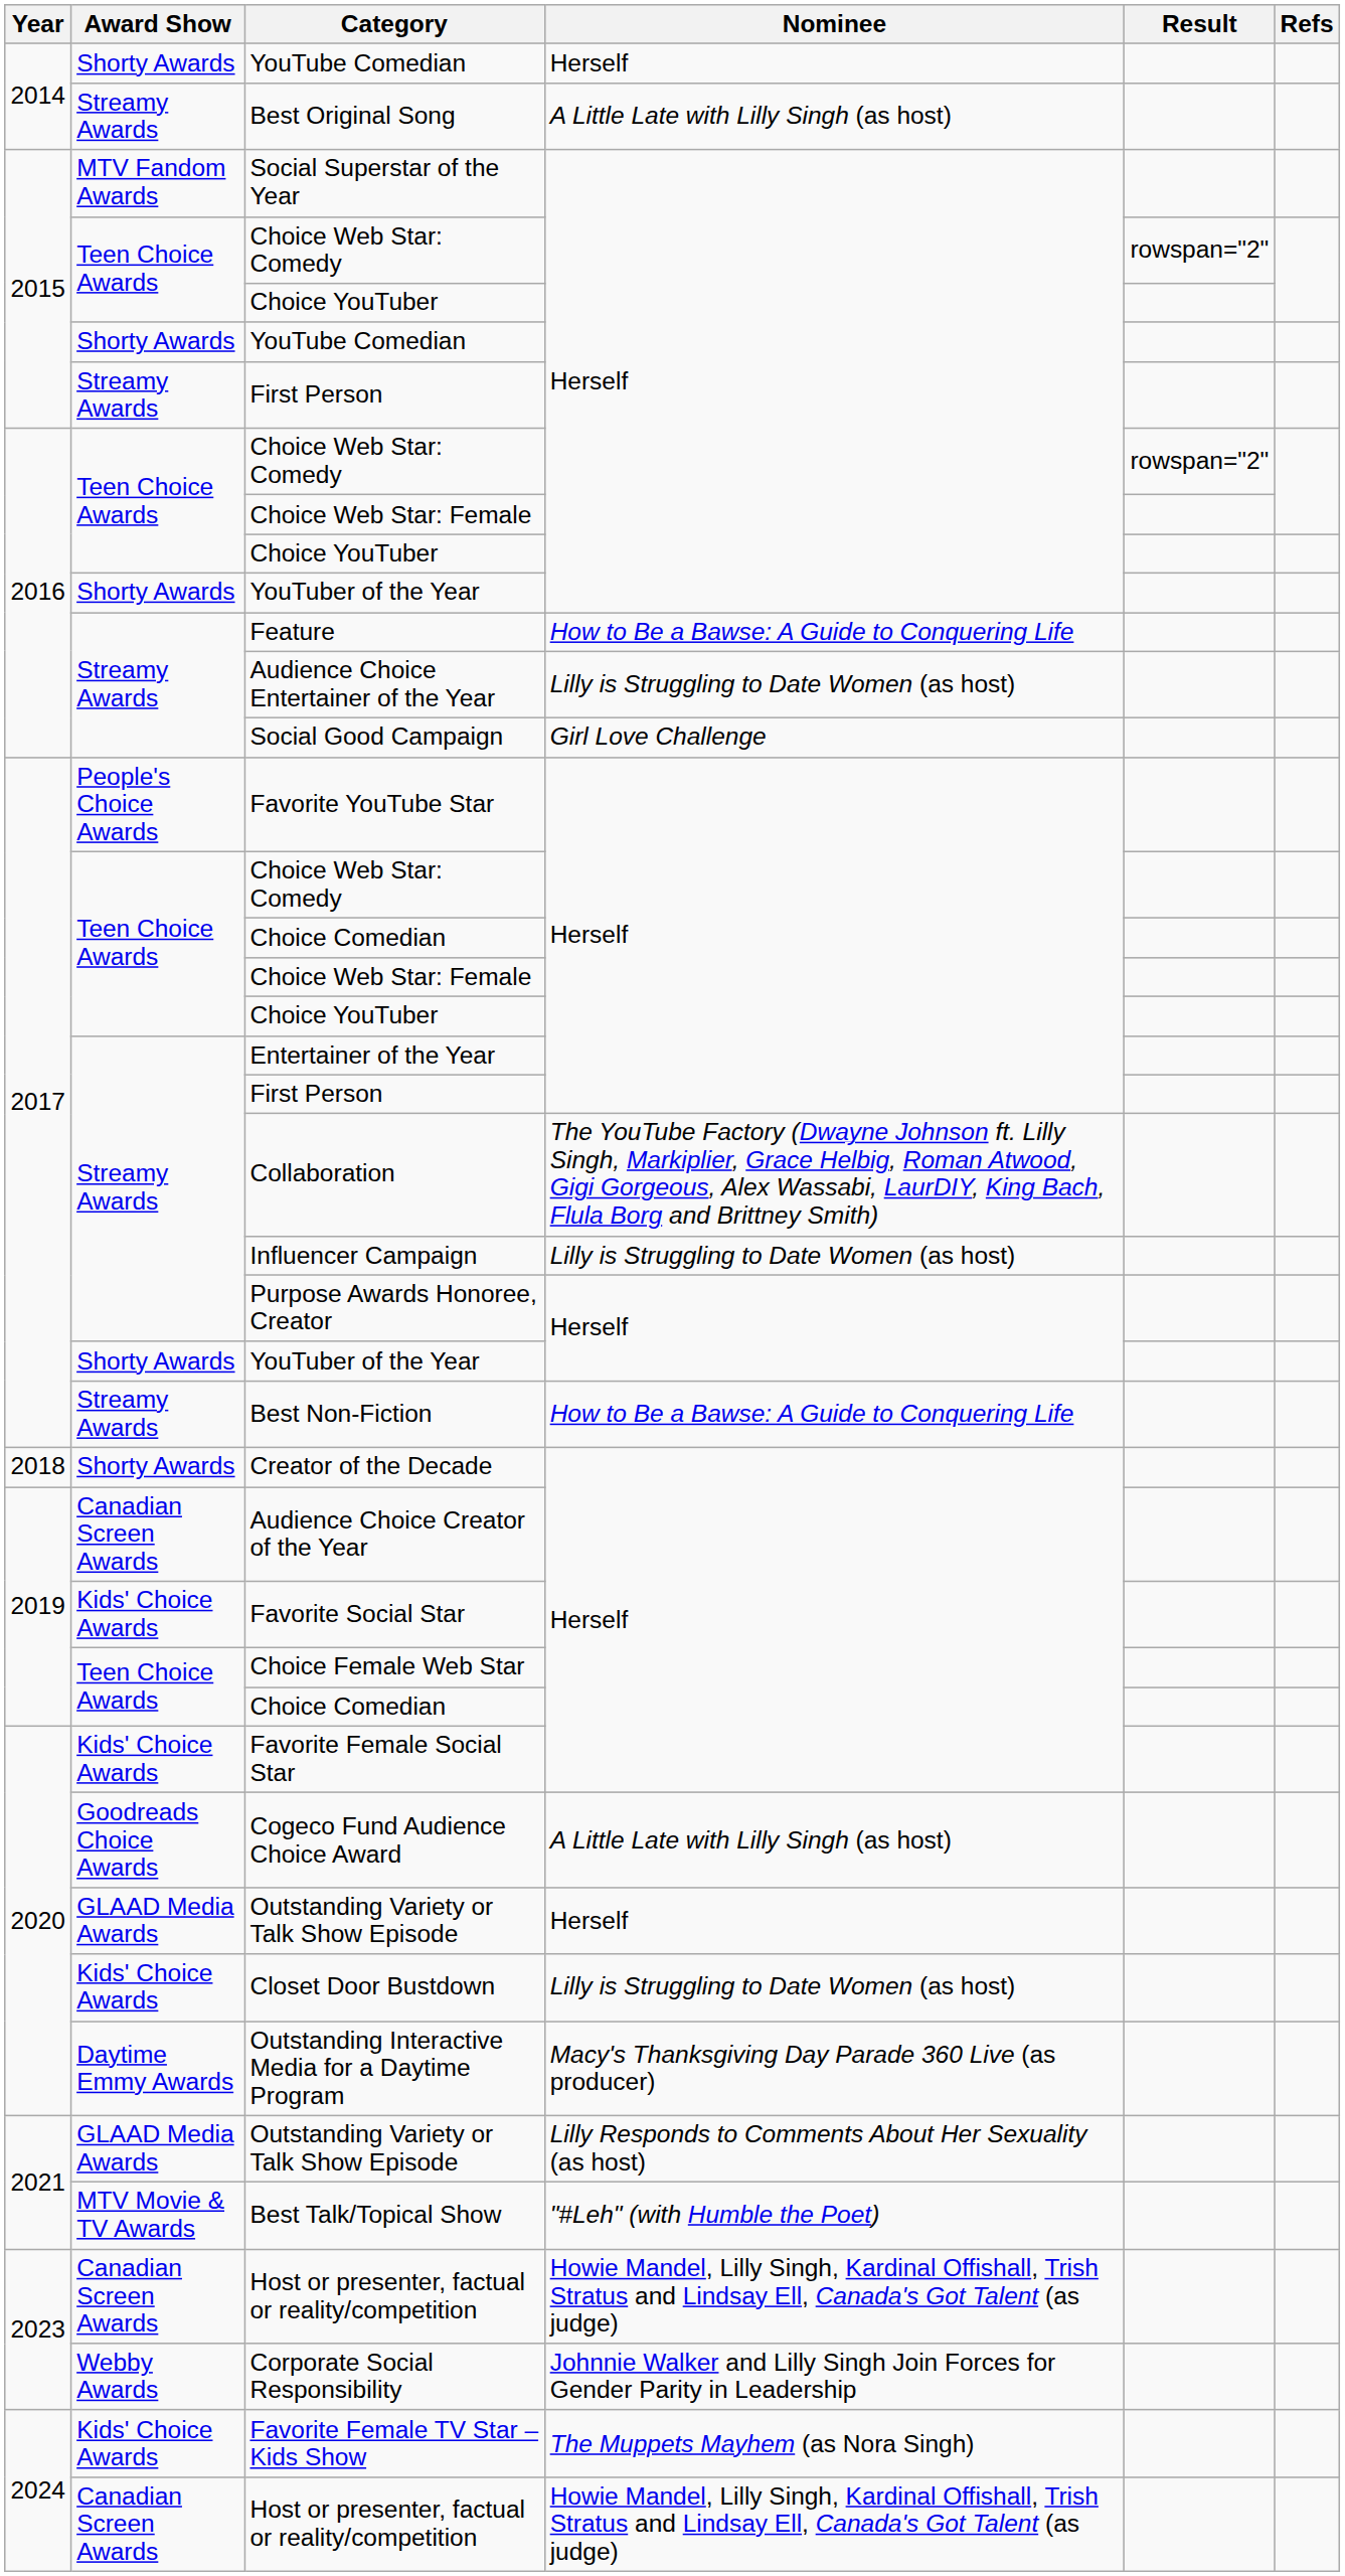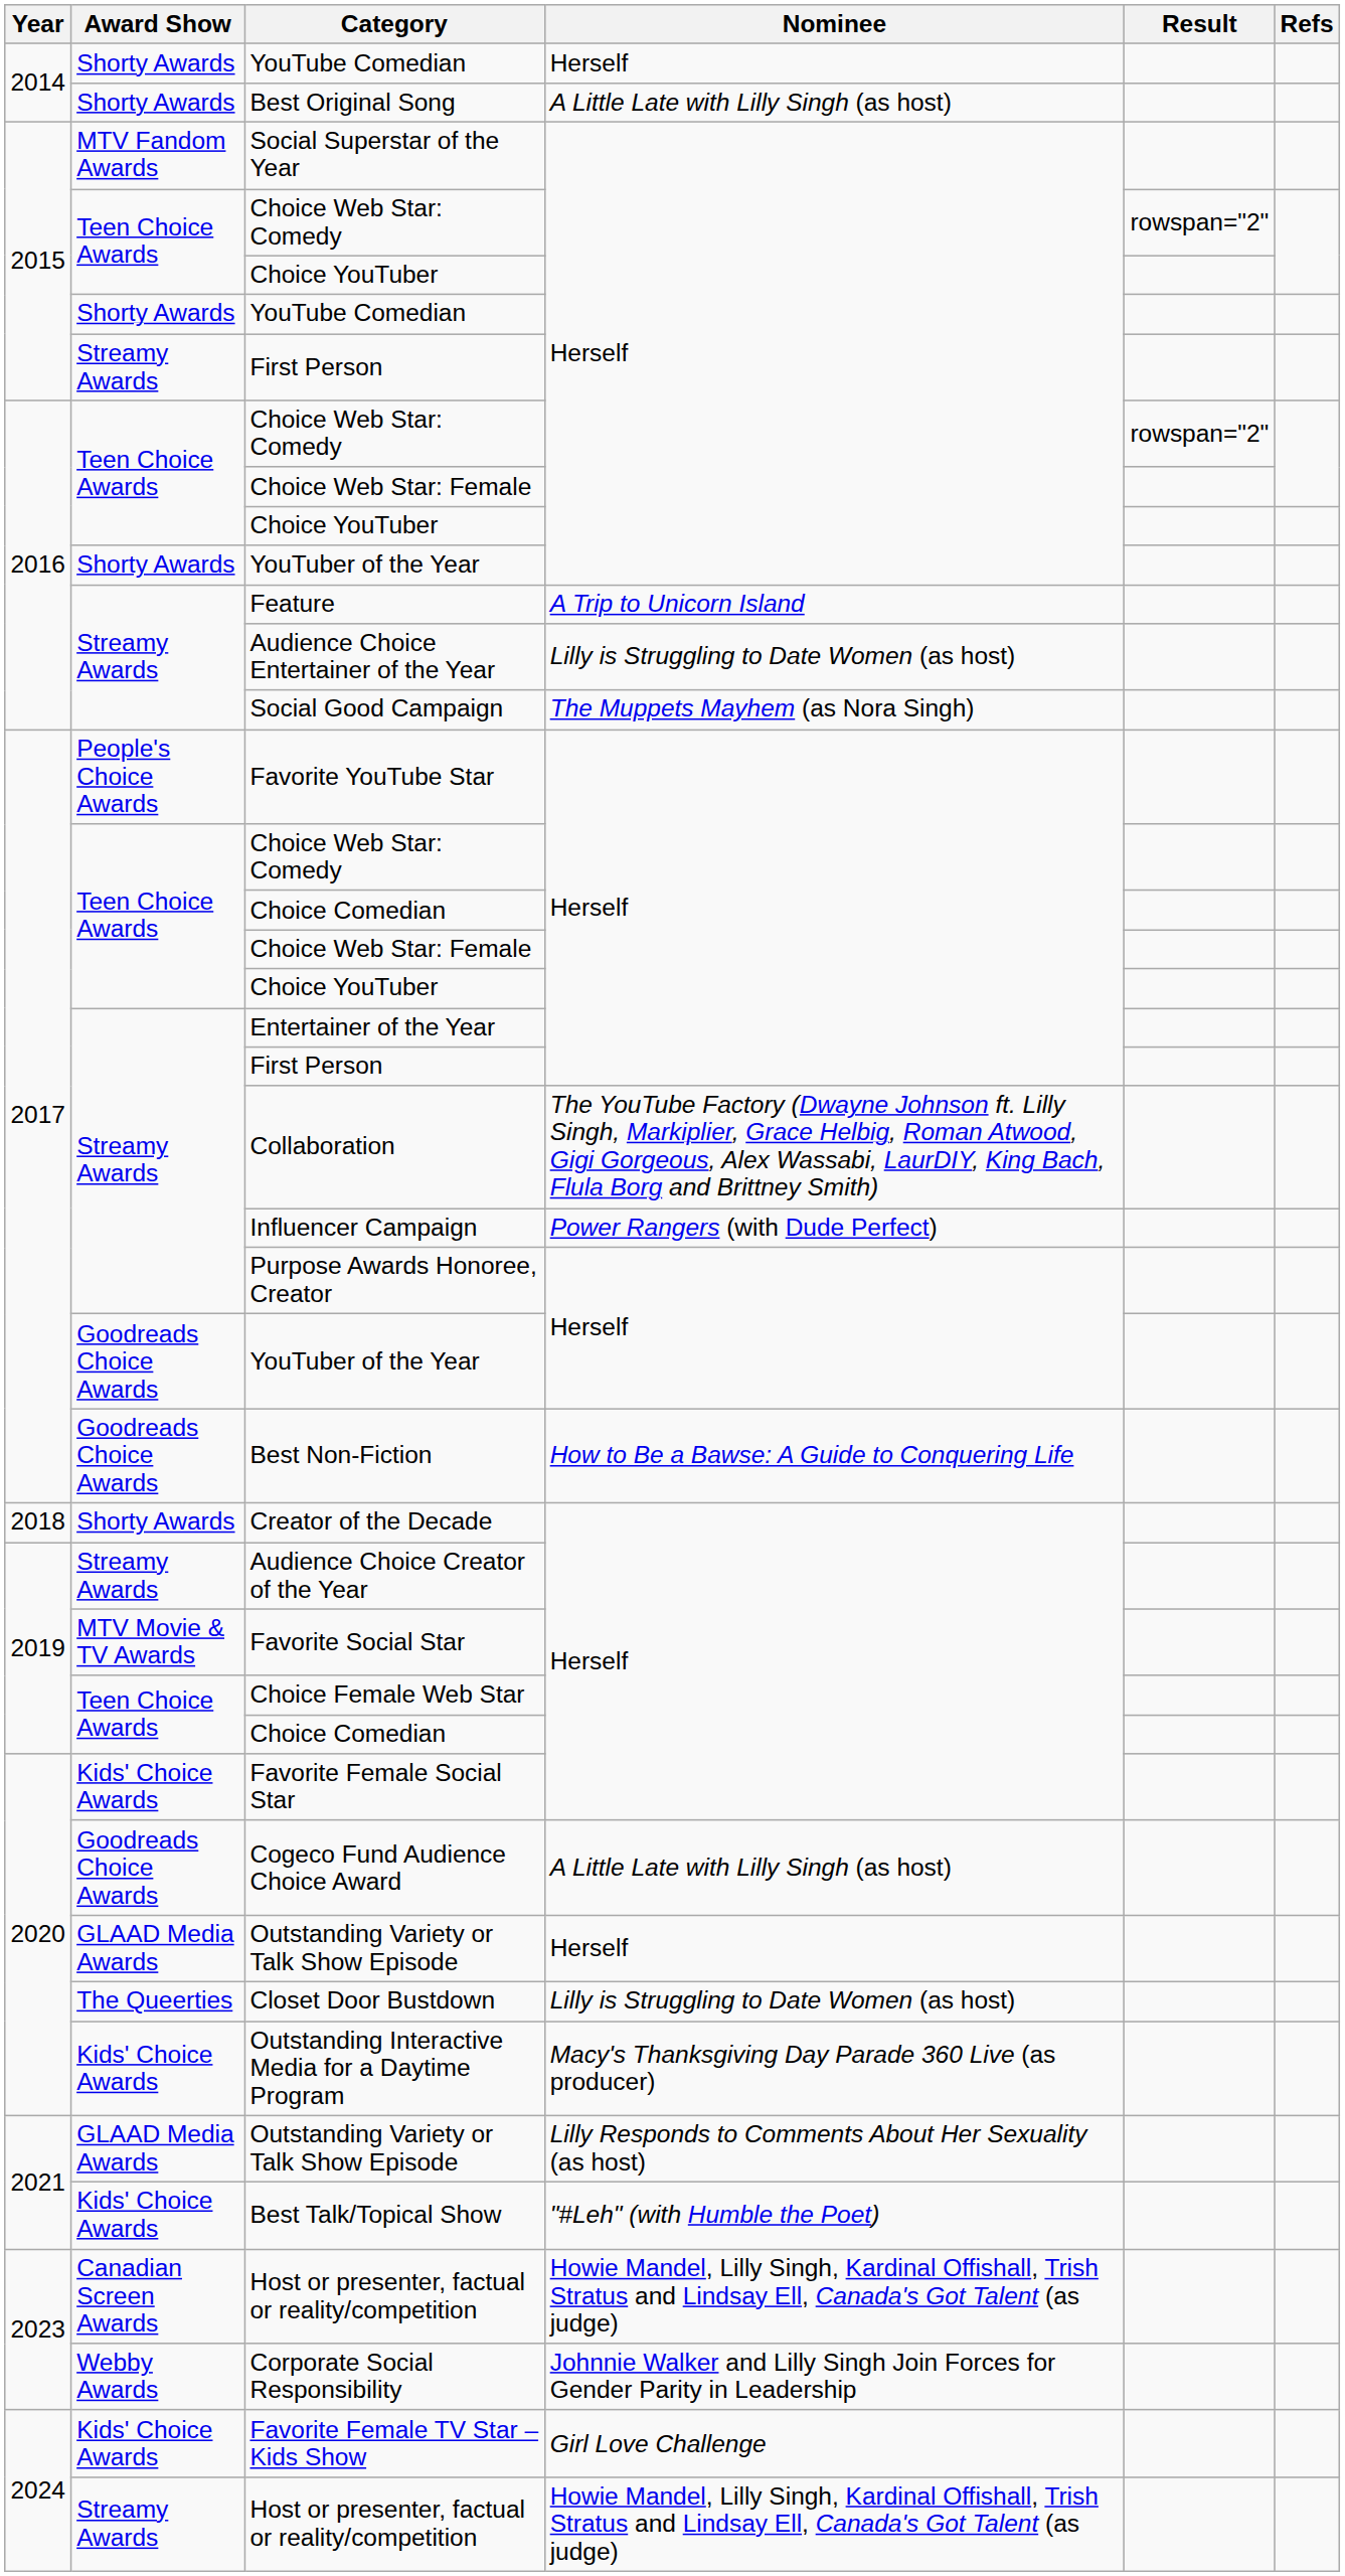 <table class="wikitable">
 <tr>
 <th>Year</th>
 <th>Award Show</th>
 <th>Category</th>
 <th>Nominee</th>
 <th>Result</th>
 <th>Refs</th>
 </tr>
 <tr>
 <td rowspan="2" scope="row">2014</td>
 <td><a href='#'>Shorty Awards</a></td>
 <td>YouTube Comedian</td>
 <td>Herself</td>
 <td></td>
 <td></td>
 </tr>
 <tr>
-<td><a href='#'>Streamy Awards</a></td>
+<td><a href='#'>Shorty Awards</a></td>
 <td>Best Original Song</td>
 <td><em>A Little Late with Lilly Singh</em> (as host)</td>
 <td></td>
 </tr>
 <tr>
 <td rowspan="5" scope="row">2015</td>
 <td><a href='#'>MTV Fandom Awards</a></td>
 <td>Social Superstar of the Year</td>
 <td rowspan="9">Herself</td>
 <td></td>
 <td></td>
 </tr>
 <tr>
 <td rowspan="2"><a href='#'>Teen Choice Awards</a></td>
 <td>Choice Web Star: Comedy</td>
 <td>rowspan="2" </td>
 <td rowspan="2"></td>
 </tr>
 <tr>
 <td>Choice YouTuber</td>
 </tr>
 <tr>
 <td><a href='#'>Shorty Awards</a></td>
 <td>YouTube Comedian</td>
 <td></td>
 <td></td>
 </tr>
 <tr>
 <td><a href='#'>Streamy Awards</a></td>
 <td>First Person</td>
 <td></td>
 <td></td>
 </tr>
 <tr>
 <td rowspan="7" scope="row">2016</td>
 <td rowspan="3"><a href='#'>Teen Choice Awards</a></td>
 <td>Choice Web Star: Comedy</td>
 <td>rowspan="2" </td>
 <td rowspan="2"></td>
 </tr>
 <tr>
 <td>Choice Web Star: Female</td>
 </tr>
 <tr>
 <td>Choice YouTuber</td>
 <td></td>
 <td></td>
 </tr>
 <tr>
 <td><a href='#'>Shorty Awards</a></td>
 <td>YouTuber of the Year</td>
 <td></td>
 <td></td>
 </tr>
 <tr>
 <td rowspan="3"><a href='#'>Streamy Awards</a></td>
 <td>Feature</td>
-<td><em><a href='#'>How to Be a Bawse: A Guide to Conquering Life</a></em></td>
+<td><em><a href='#'>A Trip to Unicorn Island</a></em></td>
 <td></td>
 <td></td>
 </tr>
 <tr>
 <td>Audience Choice Entertainer of the Year</td>
 <td><em>Lilly is Struggling to Date Women</em> (as host)</td>
 <td></td>
 <td></td>
 </tr>
 <tr>
 <td>Social Good Campaign</td>
-<td><em>Girl Love Challenge</em></td>
+<td><em><a href='#'>The Muppets Mayhem</a></em> (as Nora Singh)</td>
 <td></td>
 <td></td>
 </tr>
 <tr>
 <td rowspan="12">2017</td>
 <td><a href='#'>People's Choice Awards</a></td>
 <td>Favorite YouTube Star</td>
 <td rowspan="7">Herself</td>
 <td></td>
 <td></td>
 </tr>
 <tr>
 <td rowspan="4"><a href='#'>Teen Choice Awards</a></td>
 <td>Choice Web Star: Comedy</td>
 <td></td>
 <td></td>
 </tr>
 <tr>
 <td>Choice Comedian</td>
 <td></td>
 <td></td>
 </tr>
 <tr>
 <td>Choice Web Star: Female</td>
 <td></td>
 <td></td>
 </tr>
 <tr>
 <td>Choice YouTuber</td>
 <td></td>
 <td></td>
 </tr>
 <tr>
 <td rowspan="5"><a href='#'>Streamy Awards</a></td>
 <td>Entertainer of the Year</td>
 <td></td>
 <td></td>
 </tr>
 <tr>
 <td>First Person</td>
 <td></td>
 <td></td>
 </tr>
 <tr>
 <td>Collaboration</td>
 <td><em>The YouTube Factory (<a href='#'>Dwayne Johnson</a> ft. Lilly Singh, <a href='#'>Markiplier</a>, <a href='#'>Grace Helbig</a>, <a href='#'>Roman Atwood</a>, <a href='#'>Gigi Gorgeous</a>, Alex Wassabi, <a href='#'>LaurDIY</a>, <a href='#'>King Bach</a>, <a href='#'>Flula Borg</a> and Brittney Smith)</em></td>
 <td></td>
 <td></td>
 </tr>
 <tr>
 <td>Influencer Campaign</td>
-<td><em>Lilly is Struggling to Date Women</em> (as host)</td>
+<td><em><a href='#'>Power Rangers</a></em> (with <a href='#'>Dude Perfect</a>)</td>
 <td></td>
 <td></td>
 </tr>
 <tr>
 <td>Purpose Awards Honoree, Creator</td>
 <td rowspan="2">Herself</td>
 <td></td>
 <td></td>
 </tr>
 <tr>
-<td><a href='#'>Shorty Awards</a></td>
+<td><a href='#'>Goodreads Choice Awards</a></td>
 <td>YouTuber of the Year</td>
 <td></td>
 <td></td>
 </tr>
 <tr>
-<td><a href='#'>Streamy Awards</a></td>
+<td><a href='#'>Goodreads Choice Awards</a></td>
 <td>Best Non-Fiction</td>
 <td><em><a href='#'>How to Be a Bawse: A Guide to Conquering Life</a></em></td>
 <td></td>
 <td></td>
 </tr>
 <tr>
 <td>2018</td>
 <td><a href='#'>Shorty Awards</a></td>
 <td>Creator of the Decade</td>
 <td rowspan="6">Herself</td>
 <td></td>
 <td></td>
 </tr>
 <tr>
 <td rowspan="4" scope="row">2019</td>
-<td><a href='#'>Canadian Screen Awards</a></td>
+<td><a href='#'>Streamy Awards</a></td>
 <td>Audience Choice Creator of the Year</td>
 <td></td>
 <td></td>
 </tr>
 <tr>
-<td><a href='#'>Kids' Choice Awards</a></td>
+<td><a href='#'>MTV Movie & TV Awards</a></td>
 <td>Favorite Social Star</td>
 <td></td>
 <td></td>
 </tr>
 <tr>
 <td rowspan="2"><a href='#'>Teen Choice Awards</a></td>
 <td>Choice Female Web Star</td>
 <td></td>
 <td></td>
 </tr>
 <tr>
 <td>Choice Comedian</td>
 <td></td>
 <td></td>
 </tr>
 <tr>
 <td rowspan="5">2020</td>
 <td><a href='#'>Kids' Choice Awards</a></td>
 <td>Favorite Female Social Star</td>
 <td></td>
 <td></td>
 </tr>
 <tr>
 <td><a href='#'>Goodreads Choice Awards</a></td>
 <td>Cogeco Fund Audience Choice Award</td>
 <td><em>A Little Late with Lilly Singh</em> (as host)</td>
 <td></td>
 <td></td>
 </tr>
 <tr>
 <td><a href='#'>GLAAD Media Awards</a></td>
 <td>Outstanding Variety or Talk Show Episode</td>
 <td>Herself</td>
 <td></td>
 <td></td>
 </tr>
 <tr>
-<td><a href='#'>Kids' Choice Awards</a></td>
+<td><a href='#'>The Queerties</a></td>
 <td>Closet Door Bustdown</td>
 <td><em>Lilly is Struggling to Date Women</em> (as host)</td>
 <td></td>
 <td></td>
 </tr>
 <tr>
-<td><a href='#'>Daytime Emmy Awards</a></td>
+<td><a href='#'>Kids' Choice Awards</a></td>
 <td>Outstanding Interactive Media for a Daytime Program</td>
 <td><em>Macy's Thanksgiving Day Parade 360 Live</em> (as producer)</td>
 <td></td>
 <td></td>
 </tr>
 <tr>
 <td rowspan="2">2021</td>
 <td><a href='#'>GLAAD Media Awards</a></td>
 <td>Outstanding Variety or Talk Show Episode</td>
 <td><em>Lilly Responds to Comments About Her Sexuality</em> (as host)</td>
 <td></td>
 <td></td>
 </tr>
 <tr>
-<td><a href='#'>MTV Movie & TV Awards</a></td>
+<td><a href='#'>Kids' Choice Awards</a></td>
 <td>Best Talk/Topical Show</td>
 <td><em>"#Leh" (with <a href='#'>Humble the Poet</a>)</em></td>
 <td></td>
 <td></td>
 </tr>
 <tr>
 <td rowspan="2">2023</td>
 <td><a href='#'>Canadian Screen Awards</a></td>
 <td>Host or presenter, factual or reality/competition</td>
 <td><a href='#'>Howie Mandel</a>, Lilly Singh, <a href='#'>Kardinal Offishall</a>, <a href='#'>Trish Stratus</a> and <a href='#'>Lindsay Ell</a>, <em><a href='#'>Canada's Got Talent</a></em> (as judge)</td>
 <td></td>
 <td></td>
 </tr>
 <tr>
 <td><a href='#'>Webby Awards</a></td>
 <td>Corporate Social Responsibility</td>
 <td><a href='#'>Johnnie Walker</a> and Lilly Singh Join Forces for Gender Parity in Leadership</td>
 <td></td>
 <td></td>
 </tr>
 <tr>
 <td rowspan="2">2024</td>
 <td><a href='#'>Kids' Choice Awards</a></td>
 <td><a href='#'>Favorite Female TV Star – Kids Show</a></td>
-<td><em><a href='#'>The Muppets Mayhem</a></em> (as Nora Singh)</td>
+<td><em>Girl Love Challenge</em></td>
 <td></td>
 <td></td>
 </tr>
 <tr>
-<td><a href='#'>Canadian Screen Awards</a></td>
+<td><a href='#'>Streamy Awards</a></td>
 <td>Host or presenter, factual or reality/competition</td>
 <td><a href='#'>Howie Mandel</a>, Lilly Singh, <a href='#'>Kardinal Offishall</a>, <a href='#'>Trish Stratus</a> and <a href='#'>Lindsay Ell</a>, <em><a href='#'>Canada's Got Talent</a></em> (as judge)</td>
 <td></td>
 <td></td>
 </tr>
 </table>
